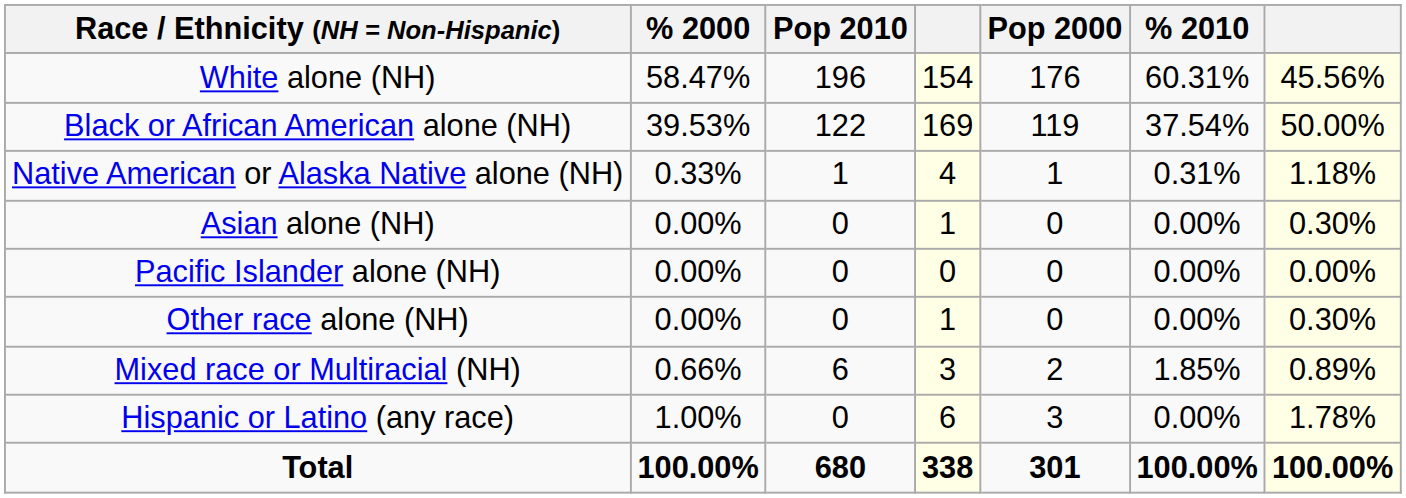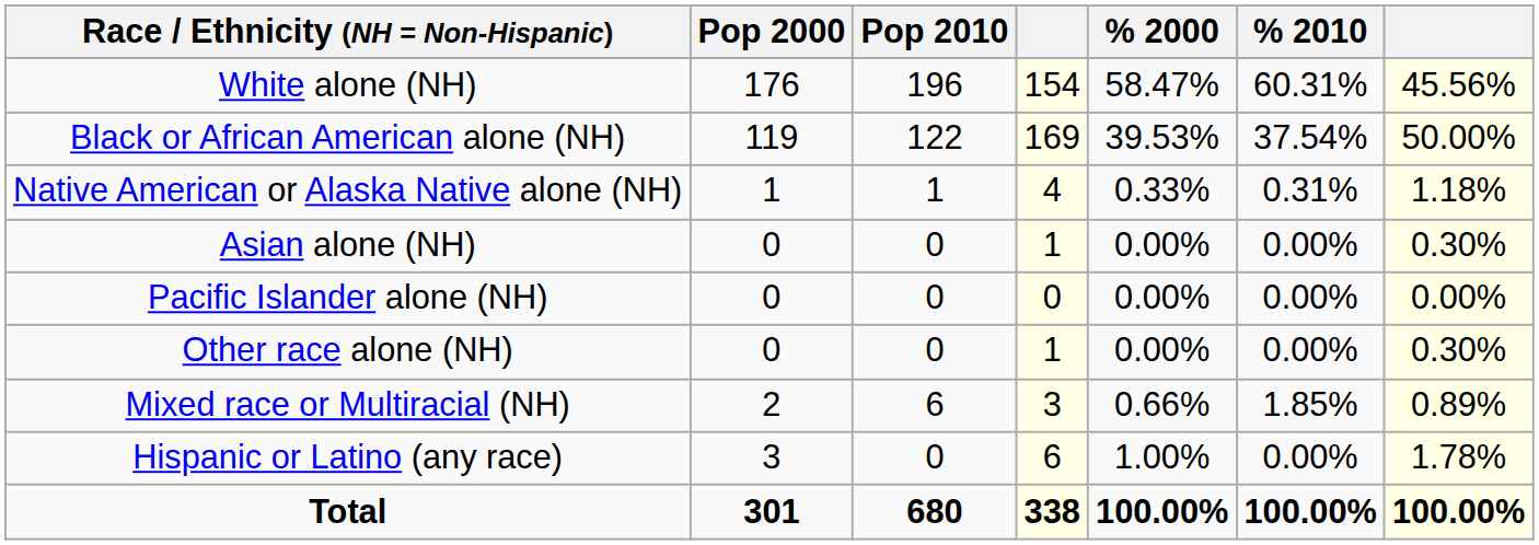 <table class="wikitable" style="text-align:center;">
 <tr>
 <th>Race / Ethnicity <small>(<em>NH = Non-Hispanic</em>)</small></th>
-<th>% 2000</th>
+<th>Pop 2000</th>
 <th>Pop 2010</th>
 <th></th>
-<th>Pop 2000</th>
+<th>% 2000</th>
 <th>% 2010</th>
 <th></th>
 </tr>
 <tr>
 <td><a href='#'>White</a> alone (NH)</td>
-<td>58.47%</td>
+<td>176</td>
 <td>196</td>
 <td style='background: #ffffe6;'>154</td>
-<td>176</td>
+<td>58.47%</td>
 <td>60.31%</td>
 <td style='background: #ffffe6;'>45.56%</td>
 </tr>
 <tr>
 <td><a href='#'>Black or African American</a> alone (NH)</td>
-<td>39.53%</td>
+<td>119</td>
 <td>122</td>
 <td style='background: #ffffe6;'>169</td>
-<td>119</td>
+<td>39.53%</td>
 <td>37.54%</td>
 <td style='background: #ffffe6;'>50.00%</td>
 </tr>
 <tr>
 <td><a href='#'>Native American</a> or <a href='#'>Alaska Native</a> alone (NH)</td>
-<td>0.33%</td>
+<td>1</td>
 <td>1</td>
 <td style='background: #ffffe6;'>4</td>
-<td>1</td>
+<td>0.33%</td>
 <td>0.31%</td>
 <td style='background: #ffffe6;'>1.18%</td>
 </tr>
 <tr>
 <td><a href='#'>Asian</a> alone (NH)</td>
-<td>0.00%</td>
+<td>0</td>
 <td>0</td>
 <td style='background: #ffffe6;'>1</td>
-<td>0</td>
+<td>0.00%</td>
 <td>0.00%</td>
 <td style='background: #ffffe6;'>0.30%</td>
 </tr>
 <tr>
 <td><a href='#'>Pacific Islander</a> alone (NH)</td>
-<td>0.00%</td>
+<td>0</td>
 <td>0</td>
 <td style='background: #ffffe6;'>0</td>
-<td>0</td>
+<td>0.00%</td>
 <td>0.00%</td>
 <td style='background: #ffffe6;'>0.00%</td>
 </tr>
 <tr>
 <td><a href='#'>Other race</a> alone (NH)</td>
-<td>0.00%</td>
+<td>0</td>
 <td>0</td>
 <td style='background: #ffffe6;'>1</td>
-<td>0</td>
+<td>0.00%</td>
 <td>0.00%</td>
 <td style='background: #ffffe6;'>0.30%</td>
 </tr>
 <tr>
 <td><a href='#'>Mixed race or Multiracial</a> (NH)</td>
-<td>0.66%</td>
+<td>2</td>
 <td>6</td>
 <td style='background: #ffffe6;'>3</td>
-<td>2</td>
+<td>0.66%</td>
 <td>1.85%</td>
 <td style='background: #ffffe6;'>0.89%</td>
 </tr>
 <tr>
 <td><a href='#'>Hispanic or Latino</a> (any race)</td>
-<td>1.00%</td>
+<td>3</td>
 <td>0</td>
 <td style='background: #ffffe6;'>6</td>
-<td>3</td>
+<td>1.00%</td>
 <td>0.00%</td>
 <td style='background: #ffffe6;'>1.78%</td>
 </tr>
 <tr>
 <td><strong>Total</strong></td>
-<td><strong>100.00%</strong></td>
+<td><strong>301</strong></td>
 <td><strong>680</strong></td>
 <td style='background: #ffffe6;'><strong>338</strong></td>
-<td><strong>301</strong></td>
+<td><strong>100.00%</strong></td>
 <td><strong>100.00%</strong></td>
 <td style='background: #ffffe6;'><strong>100.00%</strong></td>
 </tr>
 </table>
